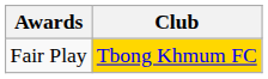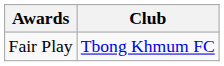 <table class="wikitable" style="font-size: 100%;">
 <tr>
 <th>Awards</th>
 <th>Club</th>
 </tr>
 <tr>
 <td>Fair Play</td>
-<td style="background: gold;"><a href='#'>Tbong Khmum FC</a></td>
+<td><a href='#'>Tbong Khmum FC</a></td>
 </tr>
 </table>
